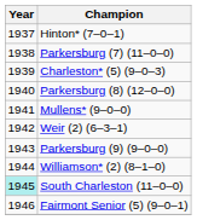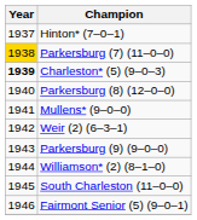 <table class="wikitable">
 <tr>
 <th>Year</th>
 <th>Champion</th>
 </tr>
 <tr>
 <td>1937</td>
 <td>Hinton* (7–0–1)</td>
 </tr>
 <tr>
-<td>1938</td>
+<td style="background: gold;">1938</td>
 <td><a href='#'>Parkersburg</a> (7) (11–0–0)</td>
 </tr>
 <tr>
-<td>1939</td>
+<td><strong>1939</strong></td>
 <td><a href='#'>Charleston*</a> (5) (9–0–3)</td>
 </tr>
 <tr>
 <td>1940</td>
 <td><a href='#'>Parkersburg</a> (8) (12–0–0)</td>
 </tr>
 <tr>
 <td>1941</td>
 <td><a href='#'>Mullens*</a> (9–0–0)</td>
 </tr>
 <tr>
 <td>1942</td>
 <td><a href='#'>Weir</a> (2) (6–3–1)</td>
 </tr>
 <tr>
 <td>1943</td>
 <td><a href='#'>Parkersburg</a> (9) (9–0–0)</td>
 </tr>
 <tr>
 <td>1944</td>
 <td><a href='#'>Williamson*</a> (2) (8–1–0)</td>
 </tr>
 <tr>
-<td style="background: paleturquoise;">1945</td>
+<td>1945</td>
 <td><a href='#'>South Charleston</a> (11–0–0)</td>
 </tr>
 <tr>
 <td>1946</td>
 <td><a href='#'>Fairmont Senior</a> (5) (9–0–1)</td>
 </tr>
 <tr>
 </tr>
 </table>
